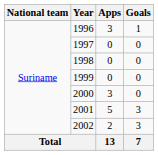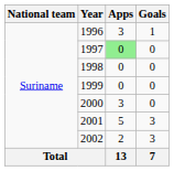 <table class="wikitable" style="text-align:center">
 <tr>
 <th>National team</th>
 <th>Year</th>
 <th>Apps</th>
 <th>Goals</th>
 </tr>
 <tr>
 <td rowspan="7"><a href='#'>Suriname</a></td>
 <td>1996</td>
 <td>3</td>
 <td>1</td>
 </tr>
 <tr>
 <td>1997</td>
-<td>0</td>
+<td style="background: lightgreen;">0</td>
 <td>0</td>
 </tr>
 <tr>
 <td>1998</td>
 <td>0</td>
 <td>0</td>
 </tr>
 <tr>
 <td>1999</td>
 <td>0</td>
 <td>0</td>
 </tr>
 <tr>
 <td>2000</td>
 <td>3</td>
 <td>0</td>
 </tr>
 <tr>
 <td>2001</td>
 <td>5</td>
 <td>3</td>
 </tr>
 <tr>
 <td>2002</td>
 <td>2</td>
 <td>3</td>
 </tr>
 <tr>
 <th colspan="2">Total</th>
 <th>13</th>
 <th>7</th>
 </tr>
 </table>
